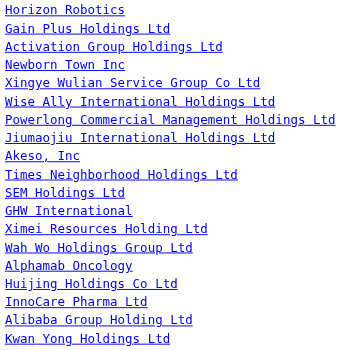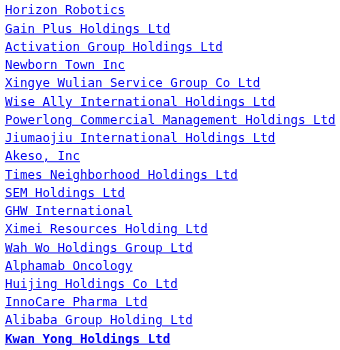 <table>
 <tr>
 <td> <a href='#'>Horizon Robotics</a></td>
 </tr>
 <tr>
 <td> <a href='#'>Gain Plus Holdings Ltd</a></td>
 </tr>
 <tr>
 <td> <a href='#'>Activation Group Holdings Ltd</a></td>
 </tr>
 <tr>
 <td> <a href='#'>Newborn Town Inc</a></td>
 </tr>
 <tr>
 <td> <a href='#'>Xingye Wulian Service Group Co Ltd</a></td>
 </tr>
 <tr>
 <td> <a href='#'>Wise Ally International Holdings Ltd</a></td>
 </tr>
 <tr>
 <td> <a href='#'>Powerlong Commercial Management Holdings Ltd</a></td>
 </tr>
 <tr>
 <td> <a href='#'>Jiumaojiu International Holdings Ltd</a></td>
 </tr>
 <tr>
 <td> <a href='#'>Akeso, Inc</a></td>
 </tr>
 <tr>
 <td> <a href='#'>Times Neighborhood Holdings Ltd</a></td>
 </tr>
 <tr>
 <td> <a href='#'>SEM Holdings Ltd</a></td>
 </tr>
 <tr>
 <td> <a href='#'>GHW International</a></td>
 </tr>
 <tr>
 <td> <a href='#'>Ximei Resources Holding Ltd</a></td>
 </tr>
 <tr>
 <td> <a href='#'>Wah Wo Holdings Group Ltd</a></td>
 </tr>
 <tr>
 <td> <a href='#'>Alphamab Oncology</a></td>
 </tr>
 <tr>
 <td> <a href='#'>Huijing Holdings Co Ltd</a></td>
 </tr>
 <tr>
 <td> <a href='#'>InnoCare Pharma Ltd</a></td>
 </tr>
 <tr>
 <td> <a href='#'> Alibaba Group Holding Ltd</a></td>
 </tr>
 <tr>
-<td> <a href='#'>Kwan Yong Holdings Ltd</a></td>
+<td><strong> <a href='#'>Kwan Yong Holdings Ltd</a></strong></td>
 </tr>
 </table>
